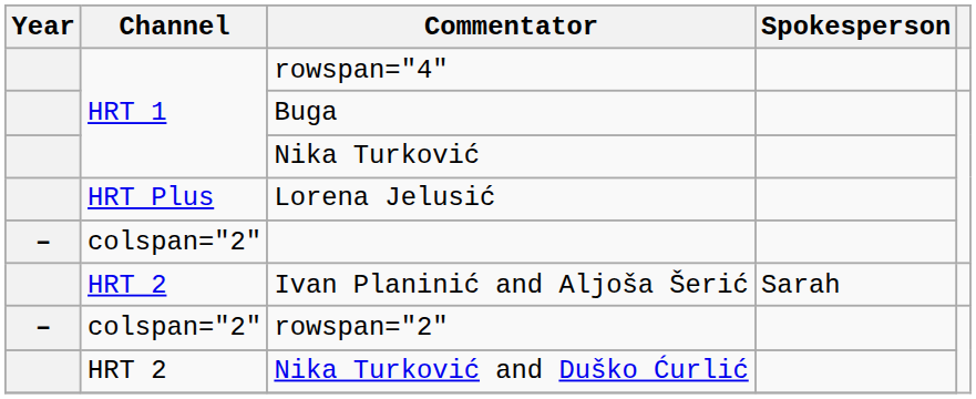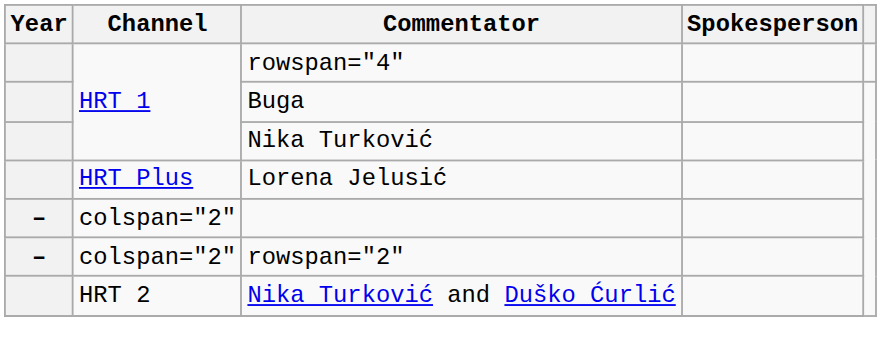 <table class="wikitable sortable plainrowheaders">
 <tr>
 <th scope="col">Year</th>
 <th scope="col">Channel</th>
 <th scope="col">Commentator</th>
 <th scope="col">Spokesperson</th>
 <th scope="col" class="unsortable"></th>
 </tr>
 <tr>
 <th scope="row"></th>
 <td rowspan="3"><a href='#'>HRT 1</a></td>
 <td>rowspan="4" </td>
 <td></td>
 <td></td>
 </tr>
 <tr>
 <th scope="row"></th>
 <td>Buga</td>
 <td></td>
 </tr>
 <tr>
 <th scope="row"></th>
 <td>Nika Turković</td>
 <td></td>
 </tr>
 <tr>
 <th scope="row"></th>
 <td><a href='#'>HRT Plus</a></td>
 <td>Lorena Jelusić</td>
 <td></td>
 </tr>
 <tr>
 <th scope="row">–</th>
 <td>colspan="2" </td>
 <td></td>
 <td></td>
 </tr>
 <tr>
-<th scope="row"></th>
-<td><a href='#'>HRT 2</a></td>
-<td>Ivan Planinić and Aljoša Šerić</td>
-<td>Sarah</td>
-<td></td>
-</tr>
-<tr>
 <th scope="row">–</th>
 <td>colspan="2" </td>
 <td>rowspan="2" </td>
 <td></td>
 </tr>
 <tr>
 <th scope="row"></th>
 <td>HRT 2</td>
 <td><a href='#'>Nika Turković</a> and <a href='#'>Duško Ćurlić</a></td>
 <td></td>
 </tr>
 <tr>
 </tr>
 </table>
